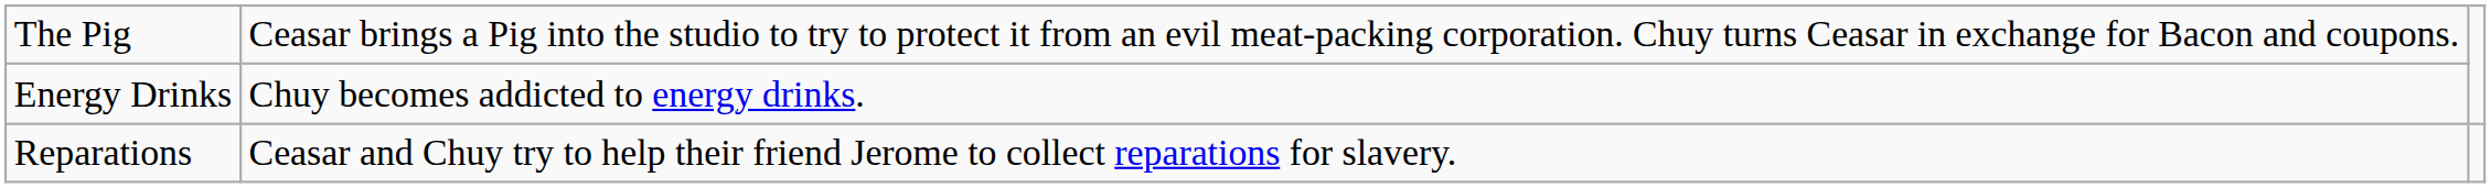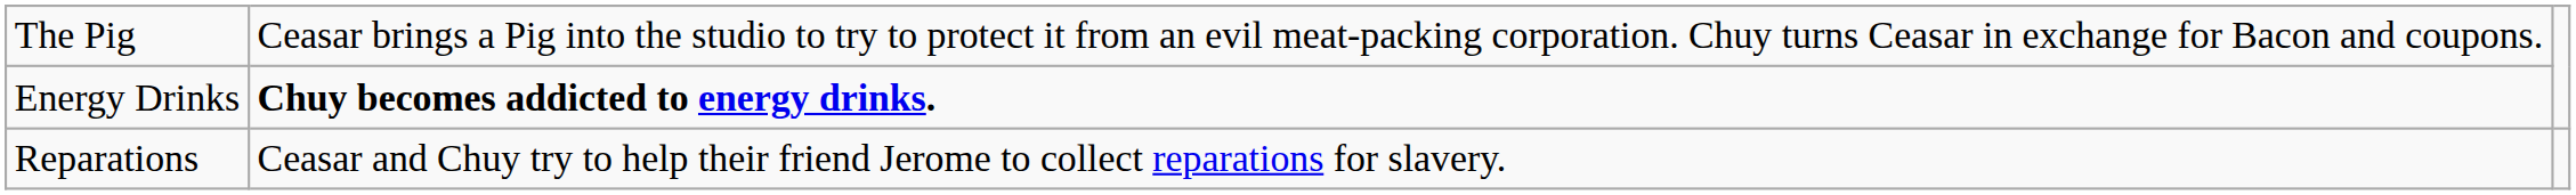 <table class="wikitable">
 <tr>
 <td>The Pig</td>
 <td>Ceasar brings a Pig into the studio to try to protect it from an evil meat-packing corporation. Chuy turns Ceasar in exchange for Bacon and coupons.</td>
 </tr>
 <tr>
 <td>Energy Drinks</td>
-<td>Chuy becomes addicted to <a href='#'>energy drinks</a>.</td>
+<td><strong>Chuy becomes addicted to <a href='#'>energy drinks</a>.</strong></td>
 </tr>
 <tr>
 <td>Reparations</td>
 <td>Ceasar and Chuy try to help their friend Jerome to collect <a href='#'>reparations</a> for slavery.</td>
 <td></td>
 </tr>
 </table>
